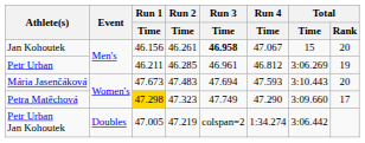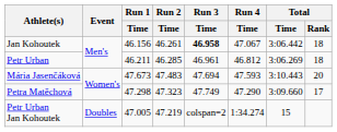 <table class="wikitable" style="font-size:90%">
 <tr>
 <th rowspan="2">Athlete(s)</th>
 <th rowspan="2">Event</th>
 <th colspan="1">Run 1</th>
 <th colspan="1">Run 2</th>
 <th colspan="1">Run 3</th>
 <th colspan="1">Run 4</th>
 <th colspan="2">Total</th>
 </tr>
 <tr>
 <th>Time</th>
 <th>Time</th>
 <th>Time</th>
 <th>Time</th>
 <th>Time</th>
 <th>Rank</th>
 </tr>
 <tr align="center">
 <td align="left">Jan Kohoutek</td>
 <td align="left" rowspan=2><a href='#'>Men's</a></td>
 <td>46.156</td>
 <td>46.261</td>
 <td><strong>46.958</strong></td>
 <td>47.067</td>
-<td>15</td>
-<td>20</td>
+<td>3:06.442</td>
+<td>18</td>
 </tr>
 <tr align="center">
 <td align="left"><a href='#'>Petr Urban</a></td>
 <td>46.211</td>
 <td>46.285</td>
 <td>46.961</td>
 <td>46.812</td>
 <td>3:06.269</td>
-<td>19</td>
+<td>18</td>
 </tr>
 <tr align="center">
 <td align="left"><a href='#'>Mária Jasenčáková</a></td>
 <td align="left" rowspan=2><a href='#'>Women's</a></td>
 <td>47.673</td>
 <td>47.483</td>
 <td>47.694</td>
 <td>47.593</td>
 <td>3:10.443</td>
 <td>20</td>
 </tr>
 <tr align="center">
 <td align="left"><a href='#'>Petra Matěchová</a></td>
-<td style="background: gold;">47.298</td>
+<td>47.298</td>
 <td>47.323</td>
 <td>47.749</td>
 <td>47.290</td>
 <td>3:09.660</td>
 <td>17</td>
 </tr>
 <tr align="center">
 <td align="left"><a href='#'>Petr Urban</a> <br> Jan Kohoutek</td>
 <td align="left"><a href='#'>Doubles</a></td>
 <td>47.005</td>
 <td>47.219</td>
 <td>colspan=2 </td>
 <td>1:34.274</td>
-<td>3:06.442</td>
+<td>15</td>
 </tr>
 </table>
